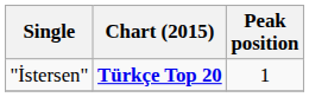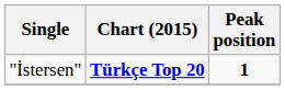 <table class="wikitable sortable">
 <tr>
 <th align="left">Single</th>
 <th align="left">Chart (2015)</th>
 <th align="center">Peak<br>position</th>
 </tr>
 <tr>
 <td align="left">"İstersen"</td>
 <td align="left"><strong><a href='#'>Türkçe Top 20</a></strong></td>
-<td align="center">1</td>
+<td align="center"><strong>1</strong></td>
 </tr>
 <tr>
 </tr>
 </table>
